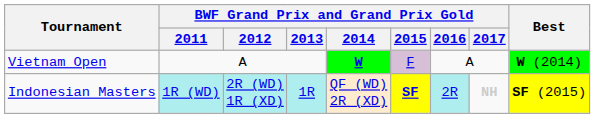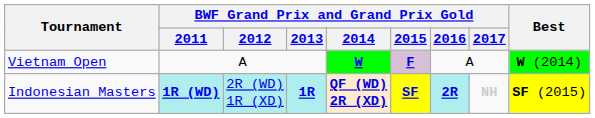 <table style='font-size: 90%; text-align:center;' class='wikitable'>
 <tr>
 <th rowspan="2">Tournament</th>
 <th colspan="7"><strong><a href='#'>BWF Grand Prix and Grand Prix Gold</a></strong></th>
 <th rowspan="2">Best</th>
 </tr>
 <tr>
 <th><a href='#'>2011</a></th>
 <th><a href='#'>2012</a></th>
 <th><a href='#'>2013</a></th>
 <th><a href='#'>2014</a></th>
 <th><a href='#'>2015</a></th>
 <th><a href='#'>2016</a></th>
 <th><a href='#'>2017</a></th>
 </tr>
 <tr>
 <td align=left><a href='#'>Vietnam Open</a></td>
 <td colspan="3">A</td>
 <td bgcolor=00FF00><a href='#'><strong>W</strong></a></td>
-<td bgcolor=D8BFD8><a href='#'>F</a></td>
+<td bgcolor=D8BFD8><strong><a href='#'>F</a></strong></td>
 <td colspan="2">A</td>
 <td bgcolor=00FF00><strong>W</strong> (2014)</td>
 </tr>
 <tr>
 <td align=left><a href='#'>Indonesian Masters</a></td>
-<td bgcolor=AFEEEE><a href='#'>1R (WD)</a></td>
+<td bgcolor=AFEEEE><strong><a href='#'>1R (WD)</a></strong></td>
 <td bgcolor=AFEEEE><a href='#'>2R (WD)</a><br><a href='#'>1R (XD)</a></td>
-<td bgcolor=AFEEEE><a href='#'>1R</a></td>
-<td bgcolor=FFEBCD><a href='#'>QF (WD)</a><br> <a href='#'>2R (XD)</a></td>
+<td bgcolor=AFEEEE><strong><a href='#'>1R</a></strong></td>
+<td bgcolor=FFEBCD><strong><a href='#'>QF (WD)</a><br> <a href='#'>2R (XD)</a></strong></td>
 <td bgcolor=FFFF00><a href='#'><strong>SF</strong></a></td>
-<td bgcolor=AFEEEE><a href='#'>2R</a></td>
+<td bgcolor=AFEEEE><strong><a href='#'>2R</a></strong></td>
 <td style=color:#ccc><strong>NH</strong></td>
 <td bgcolor=FFFF00><strong>SF</strong> (2015)</td>
 </tr>
 </table>
